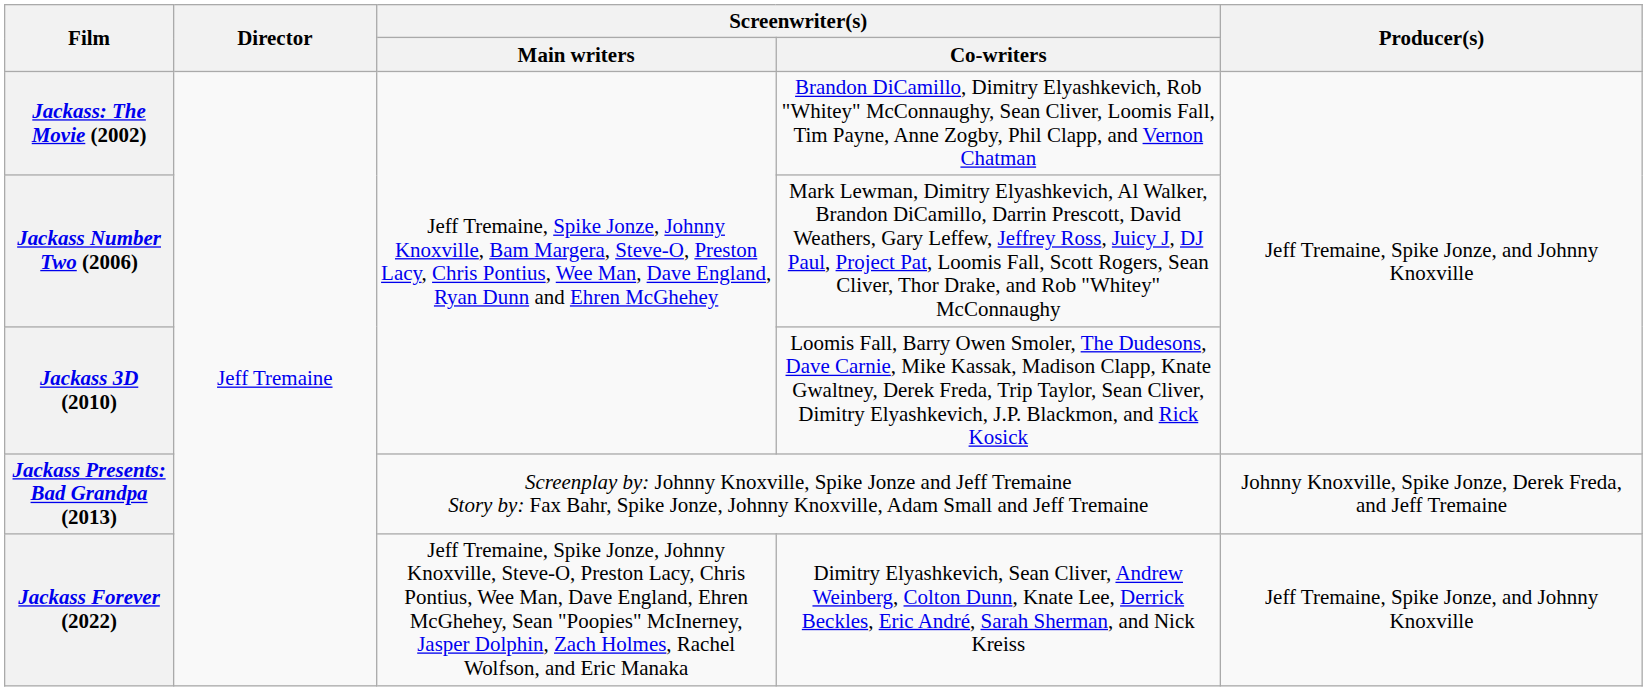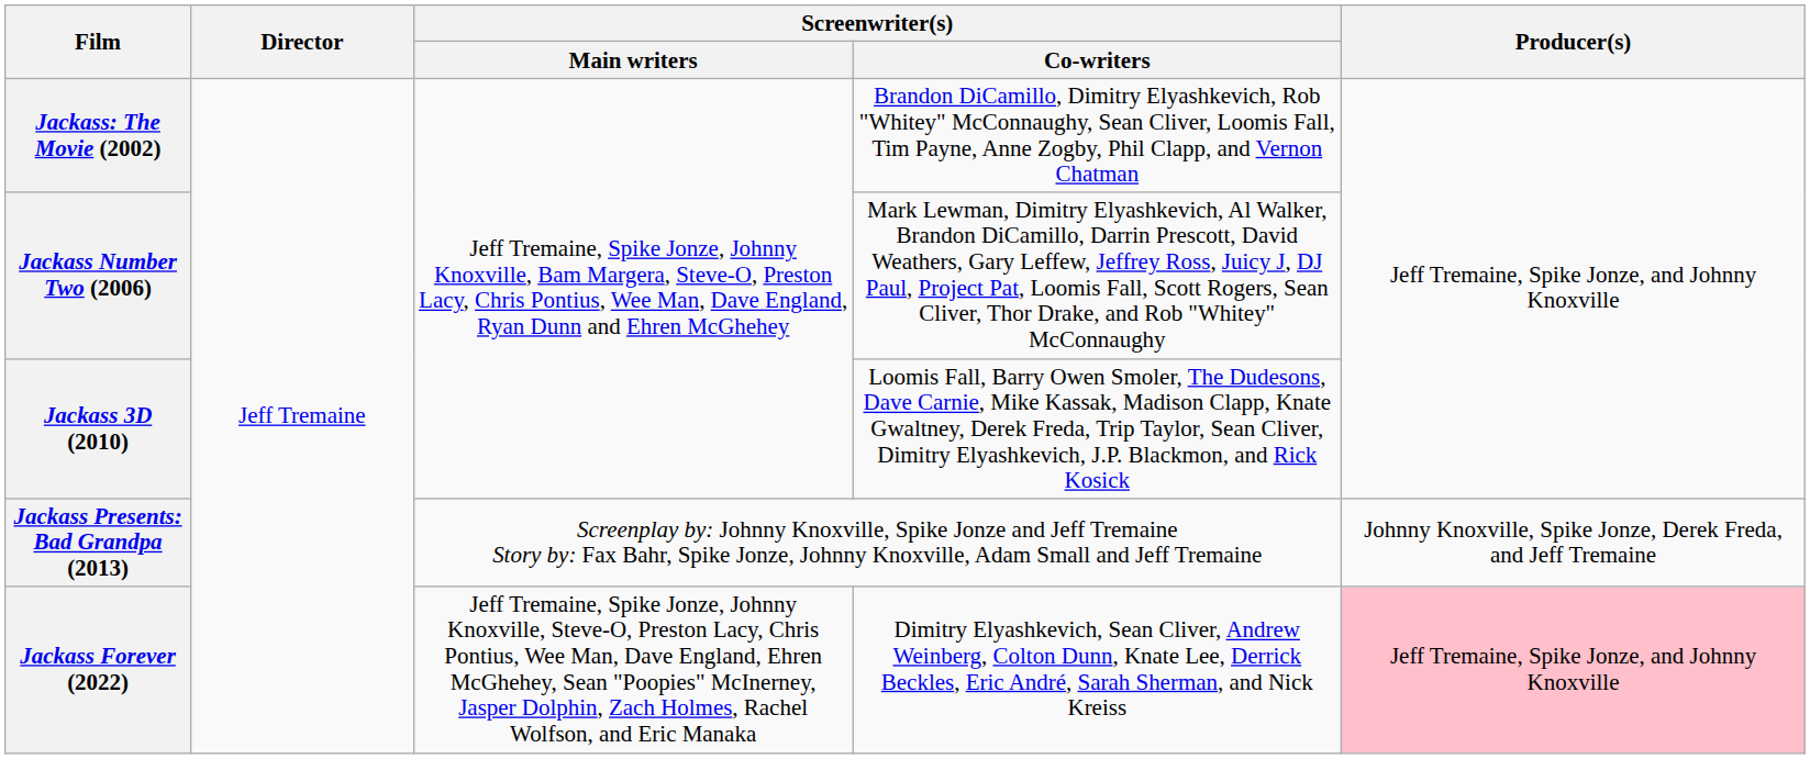 <table class="wikitable sortable" style="text-align:center; width:99%;">
 <tr>
 <th rowspan=2 style="width: 10%">Film</th>
 <th rowspan=2 style="width: 12%">Director</th>
 <th colspan=2 style="width: 50%">Screenwriter(s)</th>
 <th rowspan=2 style="width: 25%">Producer(s)</th>
 </tr>
 <tr>
 <th>Main writers</th>
 <th>Co-writers</th>
 </tr>
 <tr>
 <th align="left"><em><a href='#'>Jackass: The Movie</a></em> (2002)</th>
 <td rowspan="5"><a href='#'>Jeff Tremaine</a></td>
 <td rowspan=3>Jeff Tremaine, <a href='#'>Spike Jonze</a>, <a href='#'>Johnny Knoxville</a>, <a href='#'>Bam Margera</a>, <a href='#'>Steve-O</a>, <a href='#'>Preston Lacy</a>, <a href='#'>Chris Pontius</a>, <a href='#'>Wee Man</a>, <a href='#'>Dave England</a>, <a href='#'>Ryan Dunn</a> and <a href='#'>Ehren McGhehey</a></td>
 <td><a href='#'>Brandon DiCamillo</a>, Dimitry Elyashkevich, Rob "Whitey" McConnaughy, Sean Cliver, Loomis Fall, Tim Payne, Anne Zogby, Phil Clapp, and <a href='#'>Vernon Chatman</a></td>
 <td rowspan="3">Jeff Tremaine, Spike Jonze, and Johnny Knoxville</td>
 </tr>
 <tr>
 <th align="left"><em><a href='#'>Jackass Number Two</a></em> (2006)</th>
 <td>Mark Lewman, Dimitry Elyashkevich, Al Walker, Brandon DiCamillo, Darrin Prescott, David Weathers, Gary Leffew, <a href='#'>Jeffrey Ross</a>, <a href='#'>Juicy J</a>, <a href='#'>DJ Paul</a>, <a href='#'>Project Pat</a>, Loomis Fall, Scott Rogers, Sean Cliver, Thor Drake, and Rob "Whitey" McConnaughy</td>
 </tr>
 <tr>
 <th align="left"><em><a href='#'>Jackass 3D</a></em> (2010)</th>
 <td>Loomis Fall, Barry Owen Smoler, <a href='#'>The Dudesons</a>, <a href='#'>Dave Carnie</a>, Mike Kassak, Madison Clapp, Knate Gwaltney, Derek Freda, Trip Taylor, Sean Cliver, Dimitry Elyashkevich, J.P. Blackmon, and <a href='#'>Rick Kosick</a></td>
 </tr>
 <tr>
 <th align="left"><em><a href='#'>Jackass Presents: Bad Grandpa</a></em> (2013)</th>
 <td colspan=2><em>Screenplay by:</em> Johnny Knoxville, Spike Jonze and Jeff Tremaine<br><em>Story by:</em> Fax Bahr, Spike Jonze, Johnny Knoxville, Adam Small and Jeff Tremaine</td>
 <td>Johnny Knoxville, Spike Jonze, Derek Freda, and Jeff Tremaine</td>
 </tr>
 <tr>
 <th align="left"><em><a href='#'>Jackass Forever</a></em> (2022)</th>
 <td>Jeff Tremaine, Spike Jonze, Johnny Knoxville, Steve-O, Preston Lacy, Chris Pontius, Wee Man, Dave England, Ehren McGhehey, Sean "Poopies" McInerney, <a href='#'>Jasper Dolphin</a>, <a href='#'>Zach Holmes</a>, Rachel Wolfson, and Eric Manaka</td>
 <td>Dimitry Elyashkevich, Sean Cliver, <a href='#'>Andrew Weinberg</a>, <a href='#'>Colton Dunn</a>, Knate Lee, <a href='#'>Derrick Beckles</a>, <a href='#'>Eric André</a>, <a href='#'>Sarah Sherman</a>, and Nick Kreiss</td>
-<td>Jeff Tremaine, Spike Jonze, and Johnny Knoxville</td>
+<td style="background: pink;">Jeff Tremaine, Spike Jonze, and Johnny Knoxville</td>
 </tr>
 </table>
